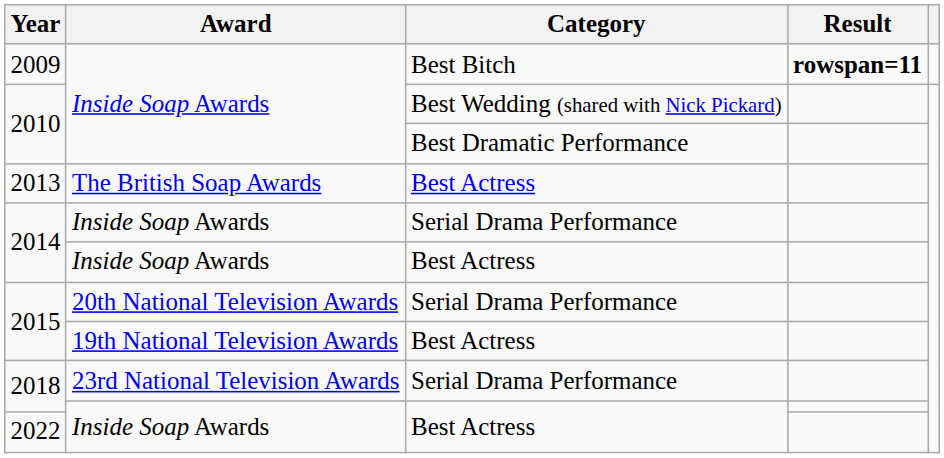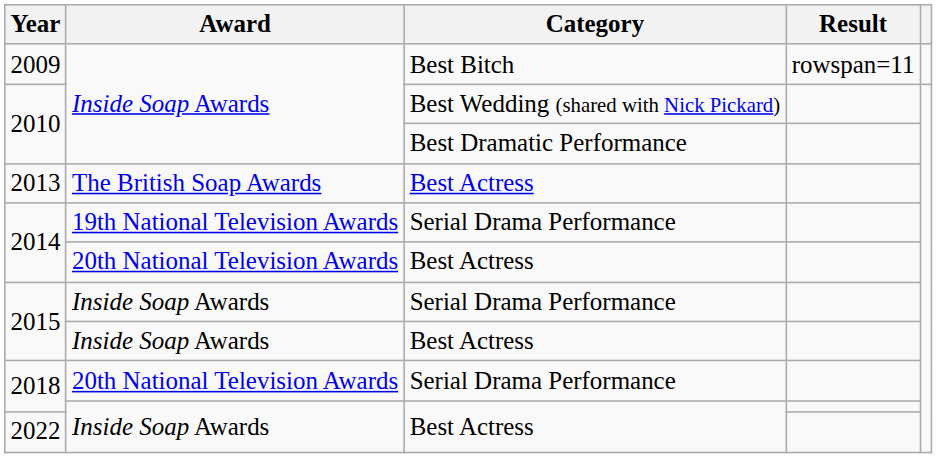 <table class="wikitable sortable">
 <tr>
 <th>Year</th>
 <th>Award</th>
 <th>Category</th>
 <th>Result</th>
 <th scope=col class=unsortable></th>
 </tr>
 <tr>
 <td>2009</td>
 <td rowspan=3><a href='#'><em>Inside Soap</em> Awards</a></td>
 <td>Best Bitch</td>
-<td><strong>rowspan=11 </strong></td>
+<td>rowspan=11 </td>
 <td style="text-align:center;"></td>
 </tr>
 <tr>
 <td rowspan=2>2010</td>
 <td>Best Wedding <small>(shared with <a href='#'>Nick Pickard</a>)</small></td>
 <td style="text-align:center;"></td>
 </tr>
 <tr>
 <td>Best Dramatic Performance</td>
 <td style="text-align:center;"></td>
 </tr>
 <tr>
 <td>2013</td>
 <td><a href='#'>The British Soap Awards</a></td>
 <td><a href='#'>Best Actress</a></td>
 <td align="center"></td>
 </tr>
 <tr>
 <td rowspan=2>2014</td>
+<td><a href='#'>19th National Television Awards</a></td>
+<td>Serial Drama Performance</td>
+<td align="center"></td>
+</tr>
+<tr>
+<td><a href='#'>20th National Television Awards</a></td>
+<td>Best Actress</td>
+<td align="center"></td>
+</tr>
+<tr>
+<td rowspan=2>2015</td>
 <td><em>Inside Soap</em> Awards</td>
 <td>Serial Drama Performance</td>
 <td align="center"></td>
 </tr>
 <tr>
 <td><em>Inside Soap</em> Awards</td>
 <td>Best Actress</td>
 <td align="center"></td>
 </tr>
 <tr>
-<td rowspan=2>2015</td>
+<td rowspan=2>2018</td>
 <td><a href='#'>20th National Television Awards</a></td>
-<td>Serial Drama Performance</td>
-<td align="center"></td>
-</tr>
-<tr>
-<td><a href='#'>19th National Television Awards</a></td>
-<td>Best Actress</td>
-<td align="center"></td>
-</tr>
-<tr>
-<td rowspan=2>2018</td>
-<td><a href='#'>23rd National Television Awards</a></td>
 <td>Serial Drama Performance</td>
 <td align="center"></td>
 </tr>
 <tr>
 <td rowspan=2><em>Inside Soap</em> Awards</td>
 <td rowspan=2>Best Actress</td>
 <td align="center"></td>
 </tr>
 <tr>
 <td>2022</td>
 <td align="center"></td>
 </tr>
 </table>
